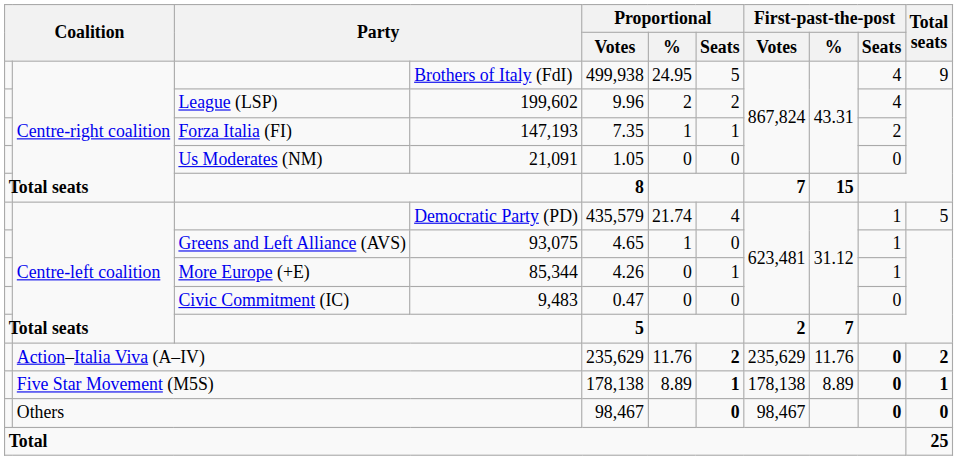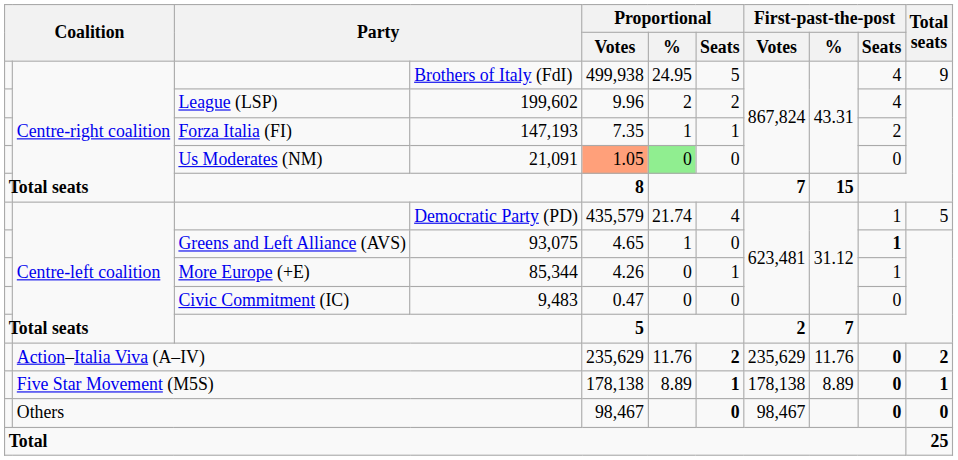 <table class="wikitable" style="text-align:right">
 <tr>
 <th colspan="2" rowspan="2">Coalition</th>
 <th colspan=2 rowspan=2>Party</th>
 <th colspan="3" style="text-align:center; vertical-align:top;">Proportional</th>
 <th colspan="3" style="text-align:center; vertical-align:top;">First-past-the-post</th>
 <th style="text-align:center;" rowspan="2">Total<br>seats</th>
 </tr>
 <tr>
 <th style="text-align:center; vertical-align:bottom;">Votes</th>
 <th style="text-align:center; vertical-align:bottom;">%</th>
 <th style="text-align:center; vertical-align:bottom;">Seats</th>
 <th style="text-align:center; vertical-align:bottom;">Votes</th>
 <th style="text-align:center; vertical-align:bottom;">%</th>
 <th style="text-align:center; vertical-align:bottom;">Seats</th>
 </tr>
 <tr>
 <td></td>
 <td style="text-align:left;" rowspan="5"><a href='#'>Centre-right coalition</a></td>
 <td></td>
 <td align=left><a href='#'>Brothers of Italy</a> (FdI)</td>
 <td>499,938</td>
 <td>24.95</td>
 <td>5</td>
 <td rowspan="4">867,824</td>
 <td rowspan="4">43.31</td>
 <td>4</td>
 <td>9</td>
 </tr>
 <tr>
 <td></td>
 <td align=left><a href='#'>League</a> (LSP)</td>
 <td>199,602</td>
 <td>9.96</td>
 <td>2</td>
 <td>2</td>
 <td>4</td>
 </tr>
 <tr>
 <td></td>
 <td align=left><a href='#'>Forza Italia</a> (FI)</td>
 <td>147,193</td>
 <td>7.35</td>
 <td>1</td>
 <td>1</td>
 <td>2</td>
 </tr>
 <tr>
 <td></td>
 <td align=left><a href='#'>Us Moderates</a> (NM)</td>
 <td>21,091</td>
-<td>1.05</td>
-<td>0</td>
+<td style="background: lightsalmon;">1.05</td>
+<td style="background: lightgreen;">0</td>
 <td>0</td>
 <td>0</td>
 </tr>
 <tr>
 <td colspan="4" style="text-align:left;"><strong>Total seats</strong></td>
 <td><strong>8</strong></td>
 <td colspan="2"></td>
 <td><strong>7</strong></td>
 <td><strong>15</strong></td>
 </tr>
 <tr>
 <td></td>
 <td rowspan=5 style="text-align:left;"><a href='#'>Centre-left coalition</a></td>
 <td></td>
 <td style="text-align:left;"><a href='#'>Democratic Party</a> (PD)</td>
 <td>435,579</td>
 <td>21.74</td>
 <td>4</td>
 <td rowspan="4">623,481</td>
 <td rowspan="4">31.12</td>
 <td>1</td>
 <td>5</td>
 </tr>
 <tr>
 <td></td>
 <td style="text-align:left;"><a href='#'>Greens and Left Alliance</a> (AVS)</td>
 <td>93,075</td>
 <td>4.65</td>
 <td>1</td>
 <td>0</td>
-<td>1</td>
+<td><strong>1</strong></td>
 </tr>
 <tr>
 <td></td>
 <td style="text-align:left;"><a href='#'>More Europe</a> (+E)</td>
 <td>85,344</td>
 <td>4.26</td>
 <td>0</td>
 <td>1</td>
 <td>1</td>
 </tr>
 <tr>
 <td></td>
 <td style="text-align:left;"><a href='#'>Civic Commitment</a> (IC)</td>
 <td>9,483</td>
 <td>0.47</td>
 <td>0</td>
 <td>0</td>
 <td>0</td>
 </tr>
 <tr>
 <td colspan="4" style="text-align:left;"><strong>Total seats</strong></td>
 <td><strong>5</strong></td>
 <td colspan="2"></td>
 <td><strong>2</strong></td>
 <td><strong>7</strong></td>
 </tr>
 <tr>
 <td style="background:"></td>
 <td colspan="3" style="text-align:left;"><a href='#'>Action</a>–<a href='#'>Italia Viva</a> (A–IV)</td>
 <td>235,629</td>
 <td>11.76</td>
 <td><strong>2</strong></td>
 <td>235,629</td>
 <td>11.76</td>
 <td><strong>0</strong></td>
 <td><strong>2</strong></td>
 </tr>
 <tr>
 <td style="background:"></td>
 <td colspan="3" style="text-align:left;"><a href='#'>Five Star Movement</a> (M5S)</td>
 <td>178,138</td>
 <td>8.89</td>
 <td><strong>1</strong></td>
 <td>178,138</td>
 <td>8.89</td>
 <td><strong>0</strong></td>
 <td><strong>1</strong></td>
 </tr>
 <tr>
 <td></td>
 <td colspan="3" style="text-align:left;">Others</td>
 <td>98,467</td>
 <td></td>
 <td><strong>0</strong></td>
 <td>98,467</td>
 <td></td>
 <td><strong>0</strong></td>
 <td><strong>0</strong></td>
 </tr>
 <tr>
 <td colspan="10" style="text-align:left;"><strong>Total</strong></td>
 <td><strong>25</strong></td>
 </tr>
 </table>
